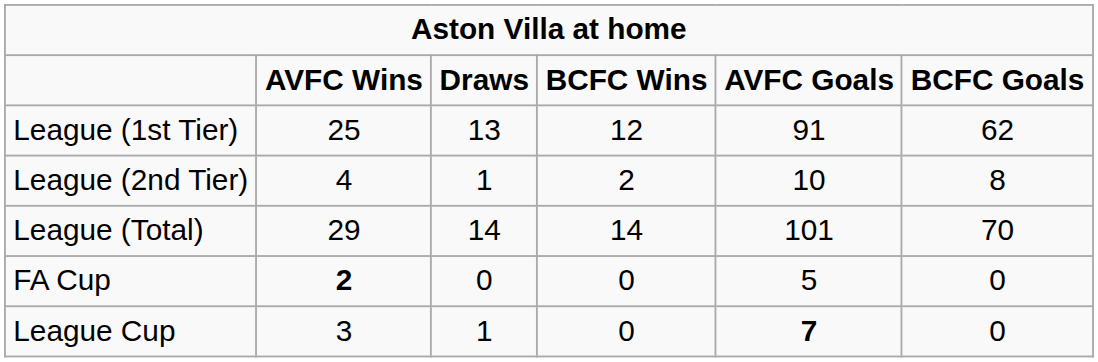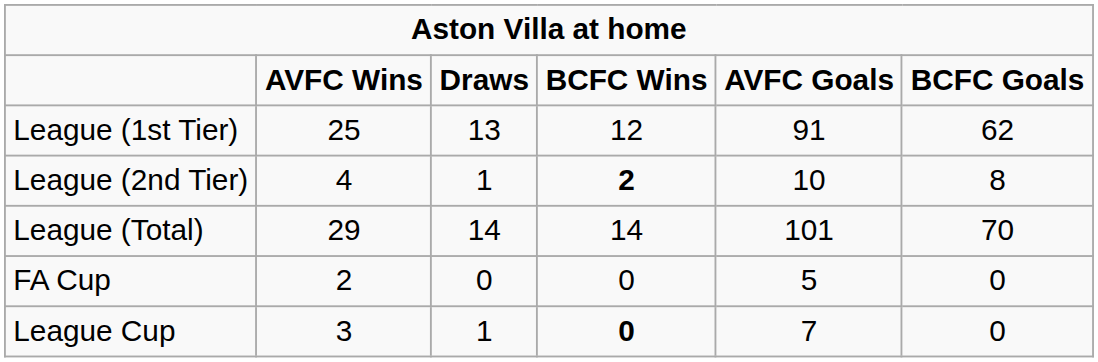 <table border="2" cellpadding="4" cellspacing="0" style="text-align=center: 1em 1em 1em 0; background: #f9f9f9; border: 1px #aaa solid; border-collapse: collapse">
 <tr>
 <th colspan=6 align=center>Aston Villa at home</th>
 </tr>
 <tr>
 <th></th>
 <th>AVFC Wins</th>
 <th>Draws</th>
 <th>BCFC Wins</th>
 <th>AVFC Goals</th>
 <th>BCFC Goals</th>
 </tr>
 <tr>
 <td>League (1st Tier)</td>
 <td align=center>25</td>
 <td align=center>13</td>
 <td align=center>12</td>
 <td align=center>91</td>
 <td align=center>62</td>
 </tr>
 <tr>
 <td>League (2nd Tier)</td>
 <td align=center>4</td>
 <td align=center>1</td>
-<td align=center>2</td>
+<td align=center><strong>2</strong></td>
 <td align=center>10</td>
 <td align=center>8</td>
 </tr>
 <tr>
 <td>League (Total)</td>
 <td align=center>29</td>
 <td align=center>14</td>
 <td align=center>14</td>
 <td align=center>101</td>
 <td align=center>70</td>
 </tr>
 <tr>
 <td>FA Cup</td>
-<td align=center><strong>2</strong></td>
+<td align=center>2</td>
 <td align=center>0</td>
 <td align=center>0</td>
 <td align=center>5</td>
 <td align=center>0</td>
 </tr>
 <tr>
 <td>League Cup</td>
 <td align=center>3</td>
 <td align=center>1</td>
-<td align=center>0</td>
-<td align=center><strong>7</strong></td>
+<td align=center><strong>0</strong></td>
+<td align=center>7</td>
 <td align=center>0</td>
 </tr>
 </table>
